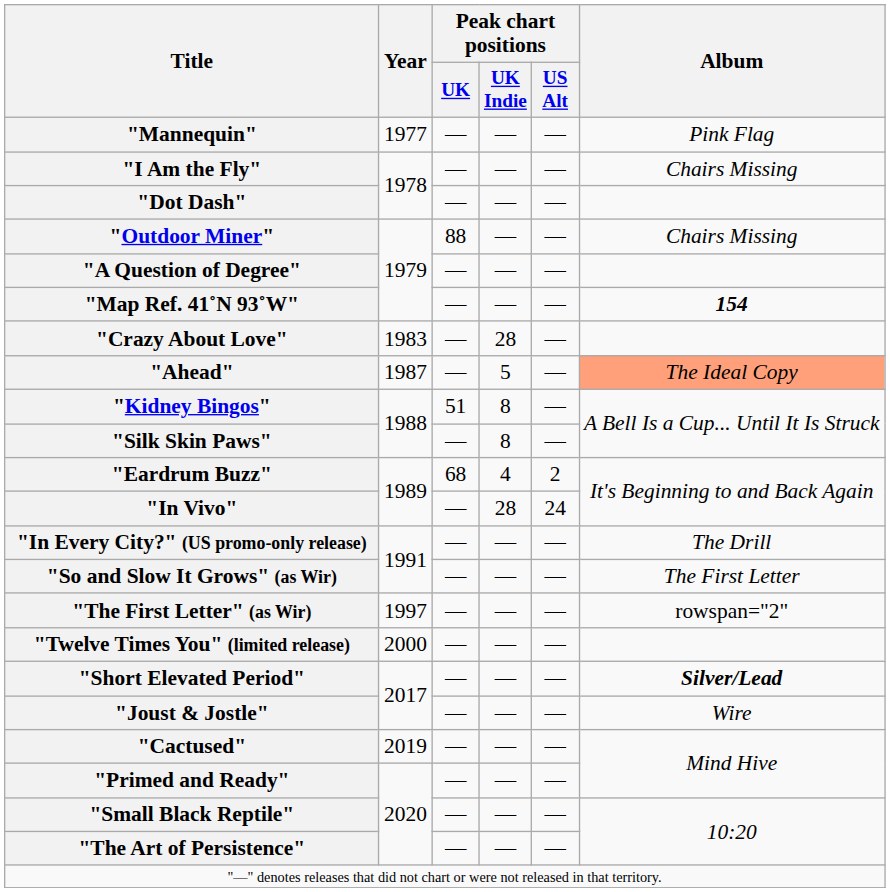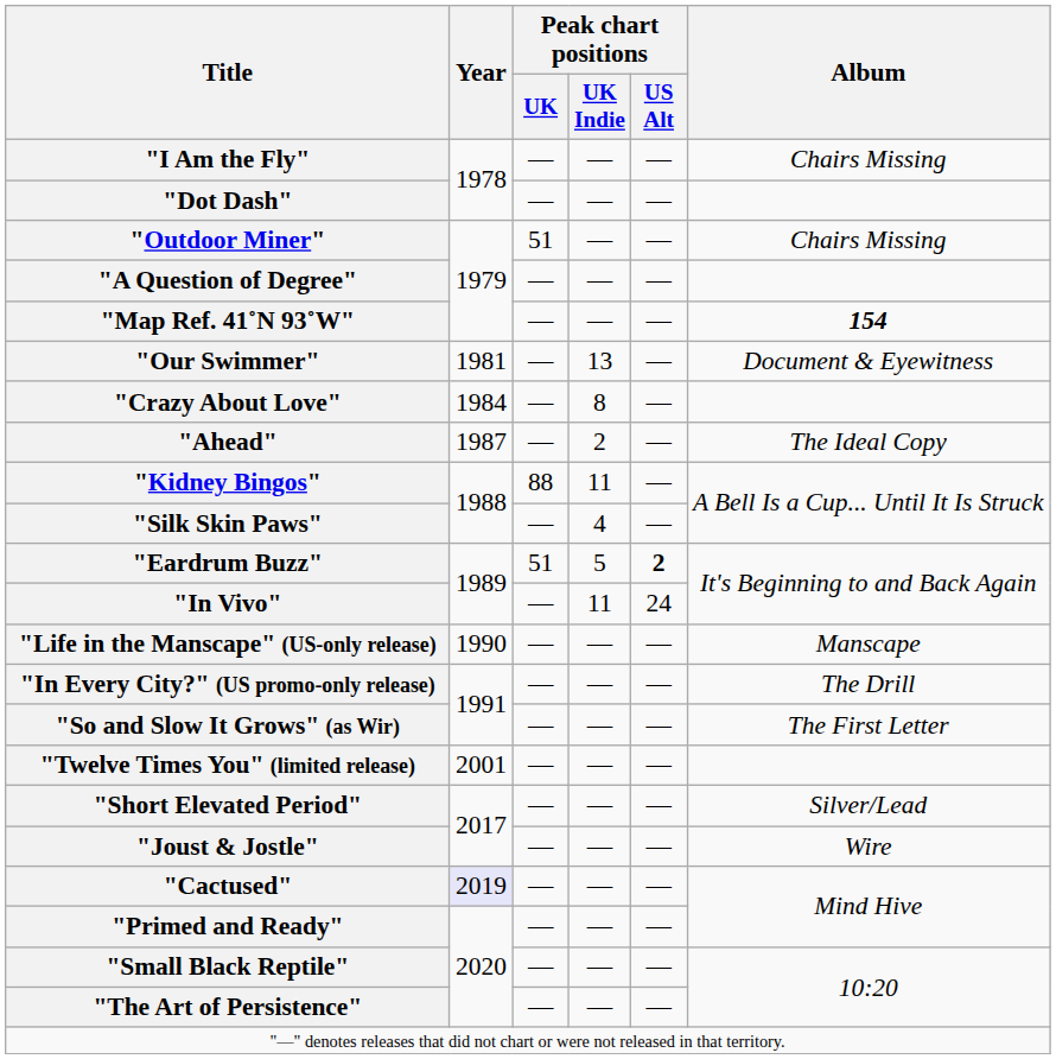 <table class="wikitable plainrowheaders" style="text-align:center;">
 <tr>
 <th rowspan="2" scope="col" style="width:17em;">Title</th>
 <th rowspan="2" scope="col" style="width:2em;">Year</th>
 <th colspan="3">Peak chart positions</th>
 <th rowspan="2">Album</th>
 </tr>
 <tr>
 <th scope="col" style="width:2em;font-size:90%;"><a href='#'>UK</a><br></th>
 <th scope="col" style="width:2em;font-size:90%;"><a href='#'>UK<br>Indie</a><br></th>
 <th scope="col" style="width:2em;font-size:90%;"><a href='#'>US Alt</a><br></th>
-</tr>
-<tr>
-<th scope="row">"Mannequin"</th>
-<td>1977</td>
-<td>—</td>
-<td>—</td>
-<td>—</td>
-<td><em>Pink Flag</em></td>
 </tr>
 <tr>
 <th scope="row">"I Am the Fly"</th>
 <td rowspan="2">1978</td>
 <td>—</td>
 <td>—</td>
 <td>—</td>
 <td><em>Chairs Missing</em></td>
 </tr>
 <tr>
 <th scope="row">"Dot Dash"</th>
 <td>—</td>
 <td>—</td>
 <td>—</td>
 <td></td>
 </tr>
 <tr>
 <th scope="row">"<a href='#'>Outdoor Miner</a>"</th>
 <td rowspan="3">1979</td>
-<td>88</td>
+<td>51</td>
 <td>—</td>
 <td>—</td>
 <td><em>Chairs Missing</em></td>
 </tr>
 <tr>
 <th scope="row">"A Question of Degree"</th>
 <td>—</td>
 <td>—</td>
 <td>—</td>
 <td></td>
 </tr>
 <tr>
 <th scope="row">"Map Ref. 41˚N 93˚W"</th>
 <td>—</td>
 <td>—</td>
 <td>—</td>
 <td><strong><em>154</em></strong></td>
 </tr>
 <tr>
+<th scope="row">"Our Swimmer"</th>
+<td>1981</td>
+<td>—</td>
+<td>13</td>
+<td>—</td>
+<td><em>Document & Eyewitness</em></td>
+</tr>
+<tr>
 <th scope="row">"Crazy About Love"</th>
-<td>1983</td>
+<td>1984</td>
 <td>—</td>
-<td>28</td>
+<td>8</td>
 <td>—</td>
 <td></td>
 </tr>
 <tr>
 <th scope="row">"Ahead"</th>
 <td>1987</td>
 <td>—</td>
-<td>5</td>
+<td>2</td>
 <td>—</td>
-<td style="background: lightsalmon;"><em>The Ideal Copy</em></td>
+<td><em>The Ideal Copy</em></td>
 </tr>
 <tr>
 <th scope="row">"<a href='#'>Kidney Bingos</a>"</th>
 <td rowspan="2">1988</td>
-<td>51</td>
-<td>8</td>
+<td>88</td>
+<td>11</td>
 <td>—</td>
 <td rowspan="2"><em>A Bell Is a Cup... Until It Is Struck</em></td>
 </tr>
 <tr>
 <th scope="row">"Silk Skin Paws"</th>
 <td>—</td>
-<td>8</td>
+<td>4</td>
 <td>—</td>
 </tr>
 <tr>
 <th scope="row">"Eardrum Buzz"</th>
 <td rowspan="2">1989</td>
-<td>68</td>
-<td>4</td>
-<td>2</td>
+<td>51</td>
+<td>5</td>
+<td><strong>2</strong></td>
 <td rowspan="2"><em>It's Beginning to and Back Again</em></td>
 </tr>
 <tr>
 <th scope="row">"In Vivo"</th>
 <td>—</td>
-<td>28</td>
+<td>11</td>
 <td>24</td>
+</tr>
+<tr>
+<th scope="row">"Life in the Manscape" <small>(US-only release)</small></th>
+<td>1990</td>
+<td>—</td>
+<td>—</td>
+<td>—</td>
+<td><em>Manscape</em></td>
 </tr>
 <tr>
 <th scope="row">"In Every City?" <small>(US promo-only release)</small></th>
 <td rowspan="2">1991</td>
 <td>—</td>
 <td>—</td>
 <td>—</td>
 <td><em>The Drill</em></td>
 </tr>
 <tr>
 <th scope="row">"So and Slow It Grows" <small>(as Wir)</small></th>
 <td>—</td>
 <td>—</td>
 <td>—</td>
 <td><em>The First Letter</em></td>
 </tr>
 <tr>
-<th scope="row">"The First Letter" <small>(as Wir)</small></th>
-<td>1997</td>
-<td>—</td>
-<td>—</td>
-<td>—</td>
-<td>rowspan="2" </td>
-</tr>
-<tr>
 <th scope="row">"Twelve Times You" <small>(limited release)</small></th>
-<td>2000</td>
+<td>2001</td>
 <td>—</td>
 <td>—</td>
 <td>—</td>
 </tr>
 <tr>
 <th scope="row">"Short Elevated Period"</th>
 <td rowspan="2">2017</td>
 <td>—</td>
 <td>—</td>
 <td>—</td>
-<td><strong><em>Silver/Lead</em></strong></td>
+<td><em>Silver/Lead</em></td>
 </tr>
 <tr>
 <th scope="row">"Joust & Jostle"</th>
 <td>—</td>
 <td>—</td>
 <td>—</td>
 <td><em>Wire</em></td>
 </tr>
 <tr>
 <th scope="row">"Cactused"</th>
-<td>2019</td>
+<td style="background: lavender;">2019</td>
 <td>—</td>
 <td>—</td>
 <td>—</td>
 <td rowspan="2"><em>Mind Hive</em></td>
 </tr>
 <tr>
 <th scope="row">"Primed and Ready"</th>
 <td rowspan="3">2020</td>
 <td>—</td>
 <td>—</td>
 <td>—</td>
 </tr>
 <tr>
 <th scope="row">"Small Black Reptile"</th>
 <td>—</td>
 <td>—</td>
 <td>—</td>
 <td rowspan="2"><em>10:20</em></td>
 </tr>
 <tr>
 <th scope="row">"The Art of Persistence"</th>
 <td>—</td>
 <td>—</td>
 <td>—</td>
 </tr>
 <tr>
 <td colspan="6" style="font-size:8pt">"—" denotes releases that did not chart or were not released in that territory.</td>
 </tr>
 </table>
